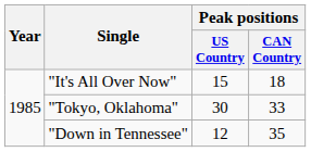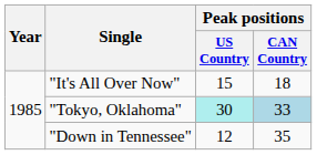 <table class="wikitable" style="text-align:center;">
 <tr>
 <th rowspan="2">Year</th>
 <th rowspan="2">Single</th>
 <th colspan="2">Peak positions</th>
 </tr>
 <tr style="font-size:smaller;">
 <th width="50"><a href='#'>US Country</a></th>
 <th width="50"><a href='#'>CAN Country</a></th>
 </tr>
 <tr>
 <td rowspan="3">1985</td>
 <td align="left">"It's All Over Now"</td>
 <td>15</td>
 <td>18</td>
 </tr>
 <tr>
 <td align="left">"Tokyo, Oklahoma"</td>
-<td>30</td>
-<td>33</td>
+<td style="background: paleturquoise;">30</td>
+<td style="background: lightblue;">33</td>
 </tr>
 <tr>
 <td align="left">"Down in Tennessee"</td>
 <td>12</td>
 <td>35</td>
 </tr>
 </table>
